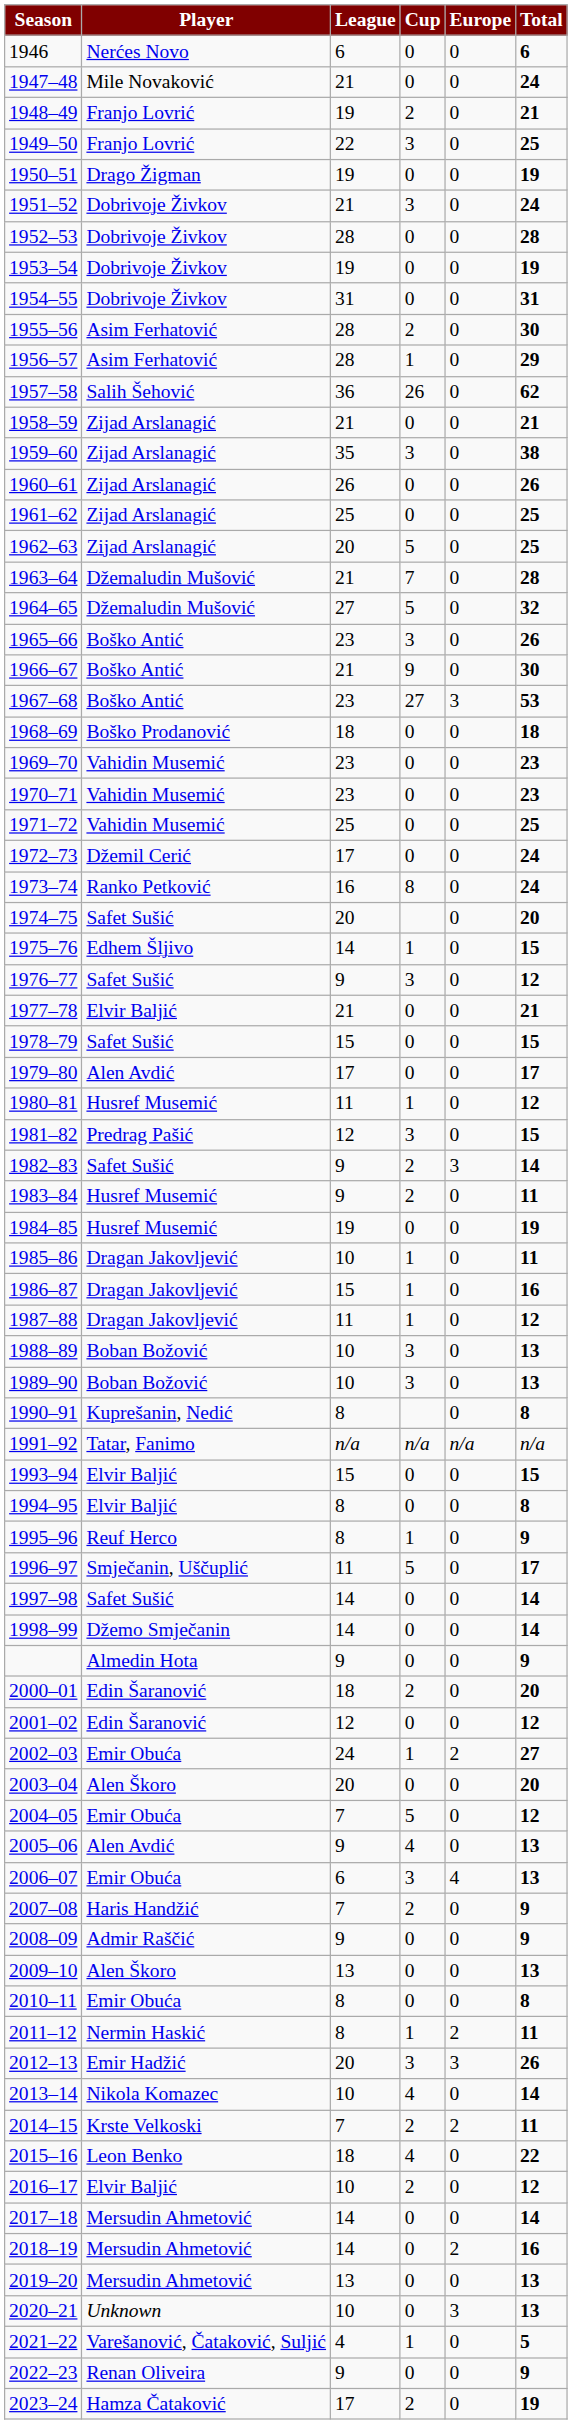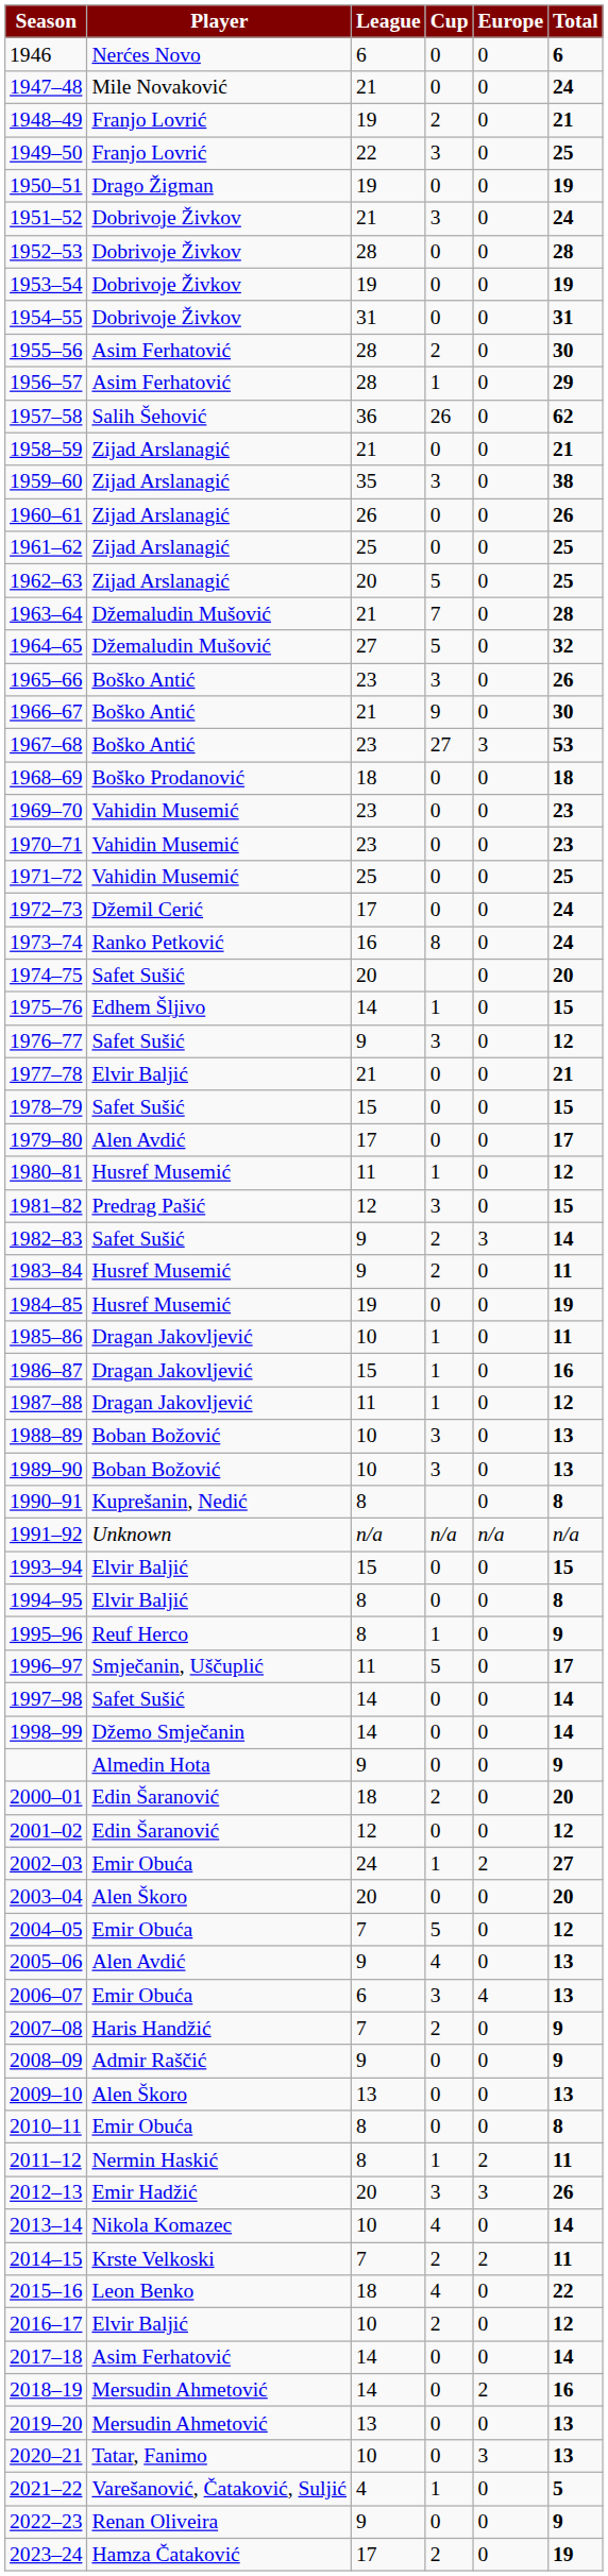 <table class="wikitable">
 <tr>
 <th style="color:#FFFFFF;background:#800000;">Season</th>
 <th style="color:#FFFFFF;background:#800000;">Player</th>
 <th style="color:#FFFFFF;background:#800000;">League</th>
 <th style="color:#FFFFFF;background:#800000;">Cup</th>
 <th style="color:#FFFFFF;background:#800000;">Europe</th>
 <th style="color:#FFFFFF;background:#800000;">Total</th>
 </tr>
 <tr>
 <td>1946</td>
 <td> <a href='#'>Nerćes Novo</a></td>
 <td>6</td>
 <td>0</td>
 <td>0</td>
 <td><strong>6</strong></td>
 </tr>
 <tr>
 <td><a href='#'>1947–48</a></td>
 <td> Mile Novaković</td>
 <td>21</td>
 <td>0</td>
 <td>0</td>
 <td><strong>24</strong></td>
 </tr>
 <tr>
 <td><a href='#'>1948–49</a></td>
 <td> <a href='#'>Franjo Lovrić</a></td>
 <td>19</td>
 <td>2</td>
 <td>0</td>
 <td><strong>21</strong></td>
 </tr>
 <tr>
 <td><a href='#'>1949–50</a></td>
 <td> <a href='#'>Franjo Lovrić</a></td>
 <td>22</td>
 <td>3</td>
 <td>0</td>
 <td><strong>25</strong></td>
 </tr>
 <tr>
 <td><a href='#'>1950–51</a></td>
 <td> <a href='#'>Drago Žigman</a></td>
 <td>19</td>
 <td>0</td>
 <td>0</td>
 <td><strong>19</strong></td>
 </tr>
 <tr>
 <td><a href='#'>1951–52</a></td>
 <td> <a href='#'>Dobrivoje Živkov</a></td>
 <td>21</td>
 <td>3</td>
 <td>0</td>
 <td><strong>24</strong></td>
 </tr>
 <tr>
 <td><a href='#'>1952–53</a></td>
 <td> <a href='#'>Dobrivoje Živkov</a></td>
 <td>28</td>
 <td>0</td>
 <td>0</td>
 <td><strong>28</strong></td>
 </tr>
 <tr>
 <td><a href='#'>1953–54</a></td>
 <td> <a href='#'>Dobrivoje Živkov</a></td>
 <td>19</td>
 <td>0</td>
 <td>0</td>
 <td><strong>19</strong></td>
 </tr>
 <tr>
 <td><a href='#'>1954–55</a></td>
 <td> <a href='#'>Dobrivoje Živkov</a></td>
 <td>31</td>
 <td>0</td>
 <td>0</td>
 <td><strong>31</strong></td>
 </tr>
 <tr>
 <td><a href='#'>1955–56</a></td>
 <td> <a href='#'>Asim Ferhatović</a></td>
 <td>28</td>
 <td>2</td>
 <td>0</td>
 <td><strong>30</strong></td>
 </tr>
 <tr>
 <td><a href='#'>1956–57</a></td>
 <td> <a href='#'>Asim Ferhatović</a></td>
 <td>28</td>
 <td>1</td>
 <td>0</td>
 <td><strong>29</strong></td>
 </tr>
 <tr>
 <td><a href='#'>1957–58</a></td>
 <td> <a href='#'>Salih Šehović</a></td>
 <td>36</td>
 <td>26</td>
 <td>0</td>
 <td><strong>62</strong></td>
 </tr>
 <tr>
 <td><a href='#'>1958–59</a></td>
 <td> <a href='#'>Zijad Arslanagić</a></td>
 <td>21</td>
 <td>0</td>
 <td>0</td>
 <td><strong>21</strong></td>
 </tr>
 <tr>
 <td><a href='#'>1959–60</a></td>
 <td> <a href='#'>Zijad Arslanagić</a></td>
 <td>35</td>
 <td>3</td>
 <td>0</td>
 <td><strong>38</strong></td>
 </tr>
 <tr>
 <td><a href='#'>1960–61</a></td>
 <td> <a href='#'>Zijad Arslanagić</a></td>
 <td>26</td>
 <td>0</td>
 <td>0</td>
 <td><strong>26</strong></td>
 </tr>
 <tr>
 <td><a href='#'>1961–62</a></td>
 <td> <a href='#'>Zijad Arslanagić</a></td>
 <td>25</td>
 <td>0</td>
 <td>0</td>
 <td><strong>25</strong></td>
 </tr>
 <tr>
 <td><a href='#'>1962–63</a></td>
 <td> <a href='#'>Zijad Arslanagić</a></td>
 <td>20</td>
 <td>5</td>
 <td>0</td>
 <td><strong>25</strong></td>
 </tr>
 <tr>
 <td><a href='#'>1963–64</a></td>
 <td> <a href='#'>Džemaludin Mušović</a></td>
 <td>21</td>
 <td>7</td>
 <td>0</td>
 <td><strong>28</strong></td>
 </tr>
 <tr>
 <td><a href='#'>1964–65</a></td>
 <td> <a href='#'>Džemaludin Mušović</a></td>
 <td>27</td>
 <td>5</td>
 <td>0</td>
 <td><strong>32</strong></td>
 </tr>
 <tr>
 <td><a href='#'>1965–66</a></td>
 <td> <a href='#'>Boško Antić</a></td>
 <td>23</td>
 <td>3</td>
 <td>0</td>
 <td><strong>26</strong></td>
 </tr>
 <tr>
 <td><a href='#'>1966–67</a></td>
 <td> <a href='#'>Boško Antić</a></td>
 <td>21</td>
 <td>9</td>
 <td>0</td>
 <td><strong>30</strong></td>
 </tr>
 <tr>
 <td><a href='#'>1967–68</a></td>
 <td> <a href='#'>Boško Antić</a></td>
 <td>23</td>
 <td>27</td>
 <td>3</td>
 <td><strong>53</strong></td>
 </tr>
 <tr>
 <td><a href='#'>1968–69</a></td>
 <td> <a href='#'>Boško Prodanović</a></td>
 <td>18</td>
 <td>0</td>
 <td>0</td>
 <td><strong>18</strong></td>
 </tr>
 <tr>
 <td><a href='#'>1969–70</a></td>
 <td> <a href='#'>Vahidin Musemić</a></td>
 <td>23</td>
 <td>0</td>
 <td>0</td>
 <td><strong>23</strong></td>
 </tr>
 <tr>
 <td><a href='#'>1970–71</a></td>
 <td> <a href='#'>Vahidin Musemić</a></td>
 <td>23</td>
 <td>0</td>
 <td>0</td>
 <td><strong>23</strong></td>
 </tr>
 <tr>
 <td><a href='#'>1971–72</a></td>
 <td> <a href='#'>Vahidin Musemić</a></td>
 <td>25</td>
 <td>0</td>
 <td>0</td>
 <td><strong>25</strong></td>
 </tr>
 <tr>
 <td><a href='#'>1972–73</a></td>
 <td> <a href='#'>Džemil Cerić</a></td>
 <td>17</td>
 <td>0</td>
 <td>0</td>
 <td><strong>24</strong></td>
 </tr>
 <tr>
 <td><a href='#'>1973–74</a></td>
 <td> <a href='#'>Ranko Petković</a></td>
 <td>16</td>
 <td>8</td>
 <td>0</td>
 <td><strong>24</strong></td>
 </tr>
 <tr>
 <td><a href='#'>1974–75</a></td>
 <td> <a href='#'>Safet Sušić</a></td>
 <td>20</td>
 <td></td>
 <td>0</td>
 <td><strong>20</strong></td>
 </tr>
 <tr>
 <td><a href='#'>1975–76</a></td>
 <td> <a href='#'>Edhem Šljivo</a></td>
 <td>14</td>
 <td>1</td>
 <td>0</td>
 <td><strong>15</strong></td>
 </tr>
 <tr>
 <td><a href='#'>1976–77</a></td>
 <td> <a href='#'>Safet Sušić</a></td>
 <td>9</td>
 <td>3</td>
 <td>0</td>
 <td><strong>12</strong></td>
 </tr>
 <tr>
 <td><a href='#'>1977–78</a></td>
 <td> <a href='#'>Elvir Baljić</a></td>
 <td>21</td>
 <td>0</td>
 <td>0</td>
 <td><strong>21</strong></td>
 </tr>
 <tr>
 <td><a href='#'>1978–79</a></td>
 <td> <a href='#'>Safet Sušić</a></td>
 <td>15</td>
 <td>0</td>
 <td>0</td>
 <td><strong>15</strong></td>
 </tr>
 <tr>
 <td><a href='#'>1979–80</a></td>
 <td> <a href='#'>Alen Avdić</a></td>
 <td>17</td>
 <td>0</td>
 <td>0</td>
 <td><strong>17</strong></td>
 </tr>
 <tr>
 <td><a href='#'>1980–81</a></td>
 <td> <a href='#'>Husref Musemić</a></td>
 <td>11</td>
 <td>1</td>
 <td>0</td>
 <td><strong>12</strong></td>
 </tr>
 <tr>
 <td><a href='#'>1981–82</a></td>
 <td> <a href='#'>Predrag Pašić</a></td>
 <td>12</td>
 <td>3</td>
 <td>0</td>
 <td><strong>15</strong></td>
 </tr>
 <tr>
 <td><a href='#'>1982–83</a></td>
 <td> <a href='#'>Safet Sušić</a></td>
 <td>9</td>
 <td>2</td>
 <td>3</td>
 <td><strong>14</strong></td>
 </tr>
 <tr>
 <td><a href='#'>1983–84</a></td>
 <td> <a href='#'>Husref Musemić</a></td>
 <td>9</td>
 <td>2</td>
 <td>0</td>
 <td><strong>11</strong></td>
 </tr>
 <tr>
 <td><a href='#'>1984–85</a></td>
 <td> <a href='#'>Husref Musemić</a></td>
 <td>19</td>
 <td>0</td>
 <td>0</td>
 <td><strong>19</strong></td>
 </tr>
 <tr>
 <td><a href='#'>1985–86</a></td>
 <td> <a href='#'>Dragan Jakovljević</a></td>
 <td>10</td>
 <td>1</td>
 <td>0</td>
 <td><strong>11</strong></td>
 </tr>
 <tr>
 <td><a href='#'>1986–87</a></td>
 <td> <a href='#'>Dragan Jakovljević</a></td>
 <td>15</td>
 <td>1</td>
 <td>0</td>
 <td><strong>16</strong></td>
 </tr>
 <tr>
 <td><a href='#'>1987–88</a></td>
 <td> <a href='#'>Dragan Jakovljević</a></td>
 <td>11</td>
 <td>1</td>
 <td>0</td>
 <td><strong>12</strong></td>
 </tr>
 <tr>
 <td><a href='#'>1988–89</a></td>
 <td> <a href='#'>Boban Božović</a></td>
 <td>10</td>
 <td>3</td>
 <td>0</td>
 <td><strong>13</strong></td>
 </tr>
 <tr>
 <td><a href='#'>1989–90</a></td>
 <td> <a href='#'>Boban Božović</a></td>
 <td>10</td>
 <td>3</td>
 <td>0</td>
 <td><strong>13</strong></td>
 </tr>
 <tr>
 <td><a href='#'>1990–91</a></td>
 <td> <a href='#'>Kuprešanin</a>, <a href='#'>Nedić</a></td>
 <td>8</td>
 <td></td>
 <td>0</td>
 <td><strong>8</strong></td>
 </tr>
 <tr>
 <td><a href='#'>1991–92</a></td>
-<td> <a href='#'>Tatar</a>,  <a href='#'>Fanimo</a></td>
+<td><em>Unknown</em></td>
 <td><em>n/a</em></td>
 <td><em>n/a</em></td>
 <td><em>n/a</em></td>
 <td><em>n/a</em></td>
 </tr>
 <tr>
 <td><a href='#'>1993–94</a></td>
 <td> <a href='#'>Elvir Baljić</a></td>
 <td>15</td>
 <td>0</td>
 <td>0</td>
 <td><strong>15</strong></td>
 </tr>
 <tr>
 <td><a href='#'>1994–95</a></td>
 <td> <a href='#'>Elvir Baljić</a></td>
 <td>8</td>
 <td>0</td>
 <td>0</td>
 <td><strong>8</strong></td>
 </tr>
 <tr>
 <td><a href='#'>1995–96</a></td>
 <td> <a href='#'>Reuf Herco</a></td>
 <td>8</td>
 <td>1</td>
 <td>0</td>
 <td><strong>9</strong></td>
 </tr>
 <tr>
 <td><a href='#'>1996–97</a></td>
 <td> <a href='#'>Smječanin</a>, <a href='#'>Uščuplić</a></td>
 <td>11</td>
 <td>5</td>
 <td>0</td>
 <td><strong>17</strong></td>
 </tr>
 <tr>
 <td><a href='#'>1997–98</a></td>
 <td> <a href='#'>Safet Sušić</a></td>
 <td>14</td>
 <td>0</td>
 <td>0</td>
 <td><strong>14</strong></td>
 </tr>
 <tr>
 <td><a href='#'>1998–99</a></td>
 <td> <a href='#'>Džemo Smječanin</a></td>
 <td>14</td>
 <td>0</td>
 <td>0</td>
 <td><strong>14</strong></td>
 </tr>
 <tr>
 <td></td>
 <td> <a href='#'>Almedin Hota</a></td>
 <td>9</td>
 <td>0</td>
 <td>0</td>
 <td><strong>9</strong></td>
 </tr>
 <tr>
 <td><a href='#'>2000–01</a></td>
 <td> <a href='#'>Edin Šaranović</a></td>
 <td>18</td>
 <td>2</td>
 <td>0</td>
 <td><strong>20</strong></td>
 </tr>
 <tr>
 <td><a href='#'>2001–02</a></td>
 <td> <a href='#'>Edin Šaranović</a></td>
 <td>12</td>
 <td>0</td>
 <td>0</td>
 <td><strong>12</strong></td>
 </tr>
 <tr>
 <td><a href='#'>2002–03</a></td>
 <td> <a href='#'>Emir Obuća</a></td>
 <td>24</td>
 <td>1</td>
 <td>2</td>
 <td><strong>27</strong></td>
 </tr>
 <tr>
 <td><a href='#'>2003–04</a></td>
 <td> <a href='#'>Alen Škoro</a></td>
 <td>20</td>
 <td>0</td>
 <td>0</td>
 <td><strong>20</strong></td>
 </tr>
 <tr>
 <td><a href='#'>2004–05</a></td>
 <td> <a href='#'>Emir Obuća</a></td>
 <td>7</td>
 <td>5</td>
 <td>0</td>
 <td><strong>12</strong></td>
 </tr>
 <tr>
 <td><a href='#'>2005–06</a></td>
 <td> <a href='#'>Alen Avdić</a></td>
 <td>9</td>
 <td>4</td>
 <td>0</td>
 <td><strong>13</strong></td>
 </tr>
 <tr>
 <td><a href='#'>2006–07</a></td>
 <td> <a href='#'>Emir Obuća</a></td>
 <td>6</td>
 <td>3</td>
 <td>4</td>
 <td><strong>13</strong></td>
 </tr>
 <tr>
 <td><a href='#'>2007–08</a></td>
 <td> <a href='#'>Haris Handžić</a></td>
 <td>7</td>
 <td>2</td>
 <td>0</td>
 <td><strong>9</strong></td>
 </tr>
 <tr>
 <td><a href='#'>2008–09</a></td>
 <td> <a href='#'>Admir Raščić</a></td>
 <td>9</td>
 <td>0</td>
 <td>0</td>
 <td><strong>9</strong></td>
 </tr>
 <tr>
 <td><a href='#'>2009–10</a></td>
 <td> <a href='#'>Alen Škoro</a></td>
 <td>13</td>
 <td>0</td>
 <td>0</td>
 <td><strong>13</strong></td>
 </tr>
 <tr>
 <td><a href='#'>2010–11</a></td>
 <td> <a href='#'>Emir Obuća</a></td>
 <td>8</td>
 <td>0</td>
 <td>0</td>
 <td><strong>8</strong></td>
 </tr>
 <tr>
 <td><a href='#'>2011–12</a></td>
 <td> <a href='#'>Nermin Haskić</a></td>
 <td>8</td>
 <td>1</td>
 <td>2</td>
 <td><strong>11</strong></td>
 </tr>
 <tr>
 <td><a href='#'>2012–13</a></td>
 <td> <a href='#'>Emir Hadžić</a></td>
 <td>20</td>
 <td>3</td>
 <td>3</td>
 <td><strong>26</strong></td>
 </tr>
 <tr>
 <td><a href='#'>2013–14</a></td>
 <td> <a href='#'>Nikola Komazec</a></td>
 <td>10</td>
 <td>4</td>
 <td>0</td>
 <td><strong>14</strong></td>
 </tr>
 <tr>
 <td><a href='#'>2014–15</a></td>
 <td> <a href='#'>Krste Velkoski</a></td>
 <td>7</td>
 <td>2</td>
 <td>2</td>
 <td><strong>11</strong></td>
 </tr>
 <tr>
 <td><a href='#'>2015–16</a></td>
 <td> <a href='#'>Leon Benko</a></td>
 <td>18</td>
 <td>4</td>
 <td>0</td>
 <td><strong>22</strong></td>
 </tr>
 <tr>
 <td><a href='#'>2016–17</a></td>
 <td> <a href='#'>Elvir Baljić</a></td>
 <td>10</td>
 <td>2</td>
 <td>0</td>
 <td><strong>12</strong></td>
 </tr>
 <tr>
 <td><a href='#'>2017–18</a></td>
-<td> <a href='#'>Mersudin Ahmetović</a></td>
+<td> <a href='#'>Asim Ferhatović</a></td>
 <td>14</td>
 <td>0</td>
 <td>0</td>
 <td><strong>14</strong></td>
 </tr>
 <tr>
 <td><a href='#'>2018–19</a></td>
 <td> <a href='#'>Mersudin Ahmetović</a></td>
 <td>14</td>
 <td>0</td>
 <td>2</td>
 <td><strong>16</strong></td>
 </tr>
 <tr>
 <td><a href='#'>2019–20</a></td>
 <td> <a href='#'>Mersudin Ahmetović</a></td>
 <td>13</td>
 <td>0</td>
 <td>0</td>
 <td><strong>13</strong></td>
 </tr>
 <tr>
 <td><a href='#'>2020–21</a></td>
-<td><em>Unknown</em></td>
+<td> <a href='#'>Tatar</a>,  <a href='#'>Fanimo</a></td>
 <td>10</td>
 <td>0</td>
 <td>3</td>
 <td><strong>13</strong></td>
 </tr>
 <tr>
 <td><a href='#'>2021–22</a></td>
 <td> <a href='#'>Varešanović</a>, <a href='#'>Čataković</a>, <a href='#'>Suljić</a></td>
 <td>4</td>
 <td>1</td>
 <td>0</td>
 <td><strong>5</strong></td>
 </tr>
 <tr>
 <td><a href='#'>2022–23</a></td>
 <td> <a href='#'>Renan Oliveira</a></td>
 <td>9</td>
 <td>0</td>
 <td>0</td>
 <td><strong>9</strong></td>
 </tr>
 <tr>
 <td><a href='#'>2023–24</a></td>
 <td> <a href='#'>Hamza Čataković</a></td>
 <td>17</td>
 <td>2</td>
 <td>0</td>
 <td><strong>19</strong></td>
 </tr>
 </table>
